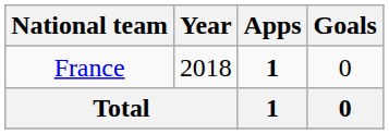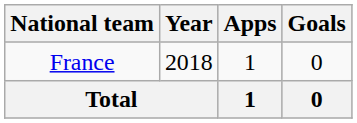 <table class="wikitable" style="text-align: center;">
 <tr>
 <th>National team</th>
 <th>Year</th>
 <th>Apps</th>
 <th>Goals</th>
 </tr>
 <tr>
 <td><a href='#'>France</a></td>
 <td>2018</td>
-<td><strong>1</strong></td>
+<td>1</td>
 <td>0</td>
 </tr>
 <tr>
 <th colspan=2>Total</th>
 <th>1</th>
 <th>0</th>
 </tr>
 </table>
